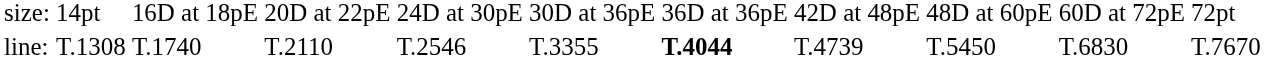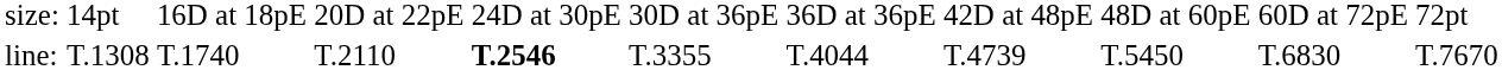 <table style="margin-left:40px;">
 <tr>
 <td>size:</td>
 <td>14pt</td>
 <td>16D at 18pE</td>
 <td>20D at 22pE</td>
 <td>24D at 30pE</td>
 <td>30D at 36pE</td>
 <td>36D at 36pE</td>
 <td>42D at 48pE</td>
 <td>48D at 60pE</td>
 <td>60D at 72pE</td>
 <td>72pt</td>
 </tr>
 <tr>
 <td>line:</td>
 <td>T.1308</td>
 <td>T.1740</td>
 <td>T.2110</td>
-<td>T.2546</td>
+<td><strong>T.2546</strong></td>
 <td>T.3355</td>
-<td><strong>T.4044</strong></td>
+<td>T.4044</td>
 <td>T.4739</td>
 <td>T.5450</td>
 <td>T.6830</td>
 <td>T.7670</td>
 </tr>
 </table>
